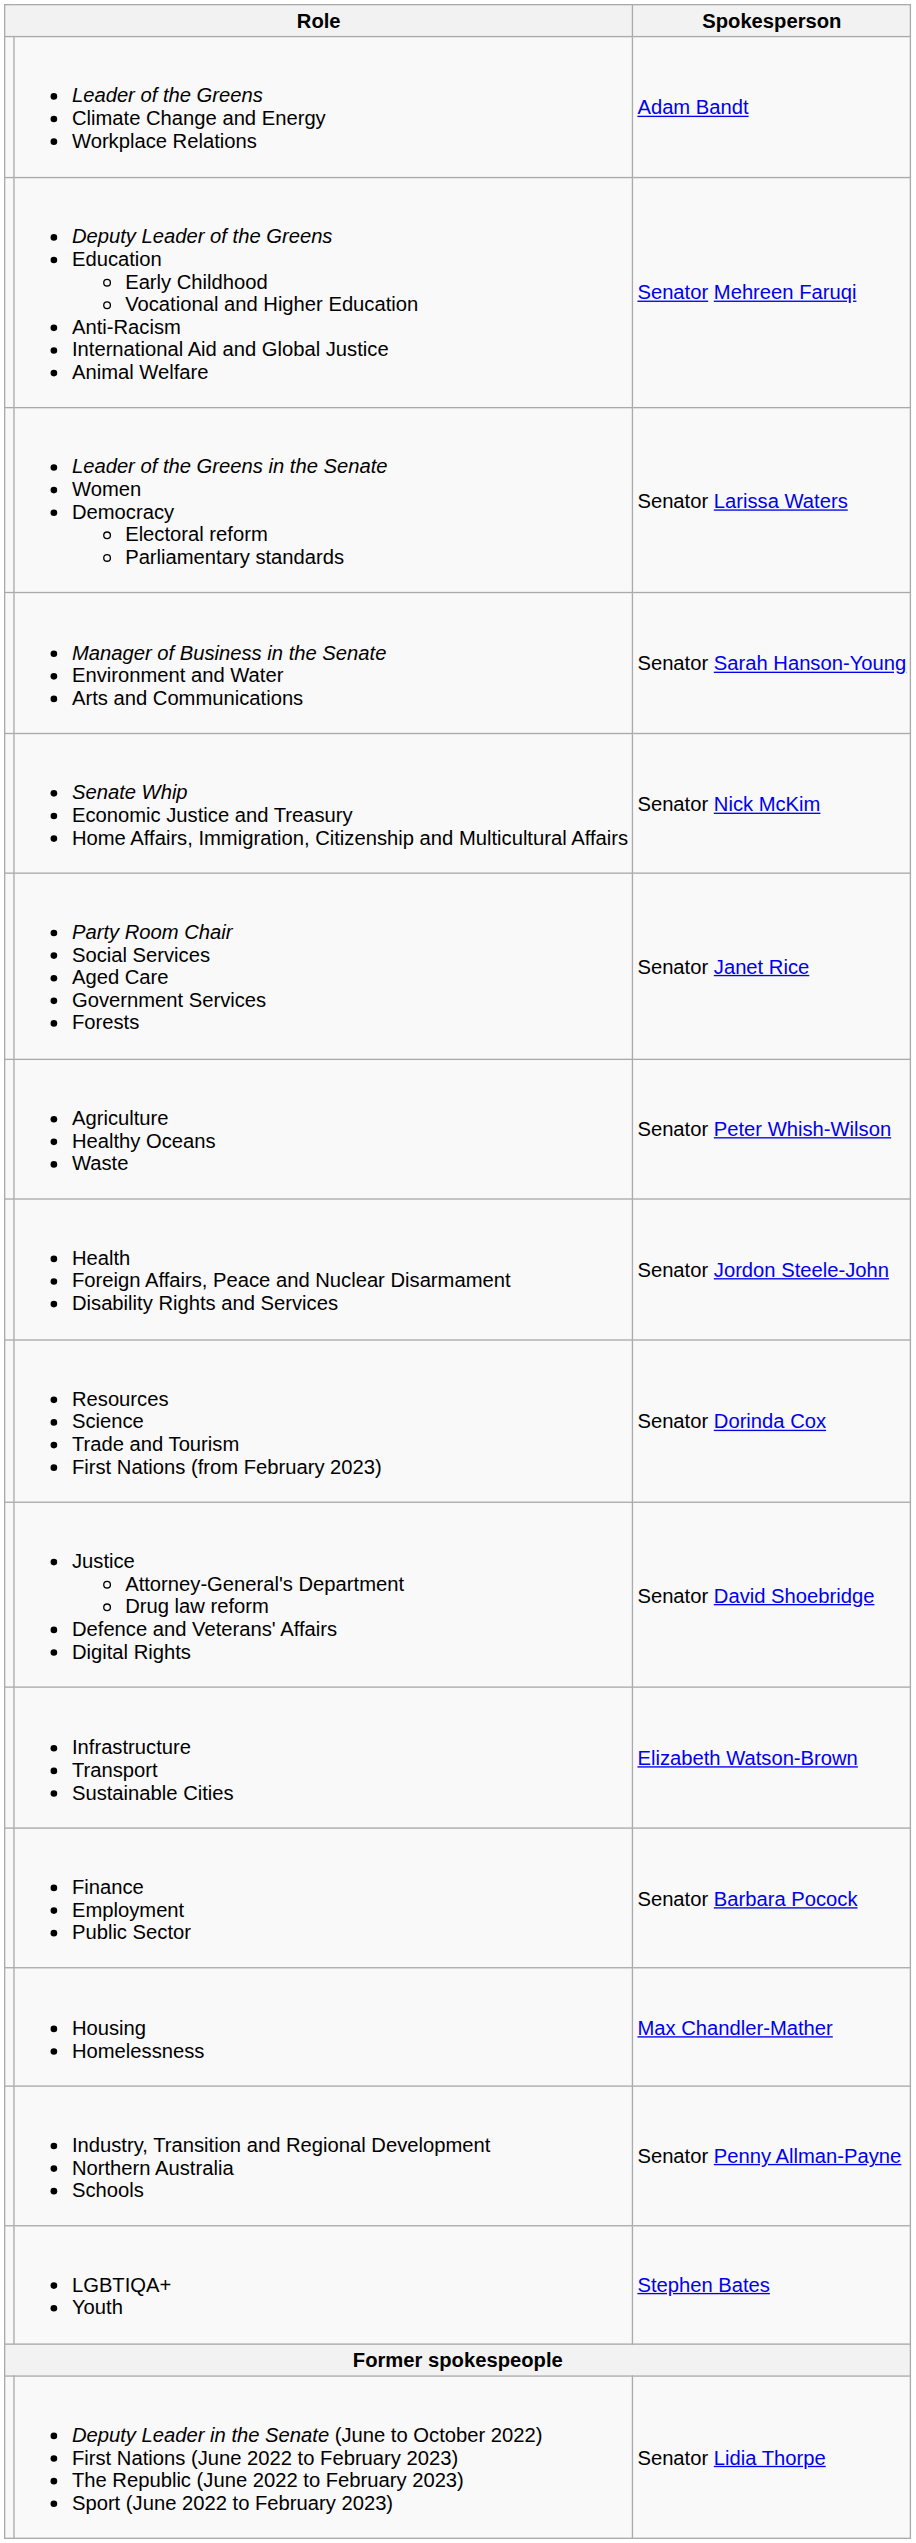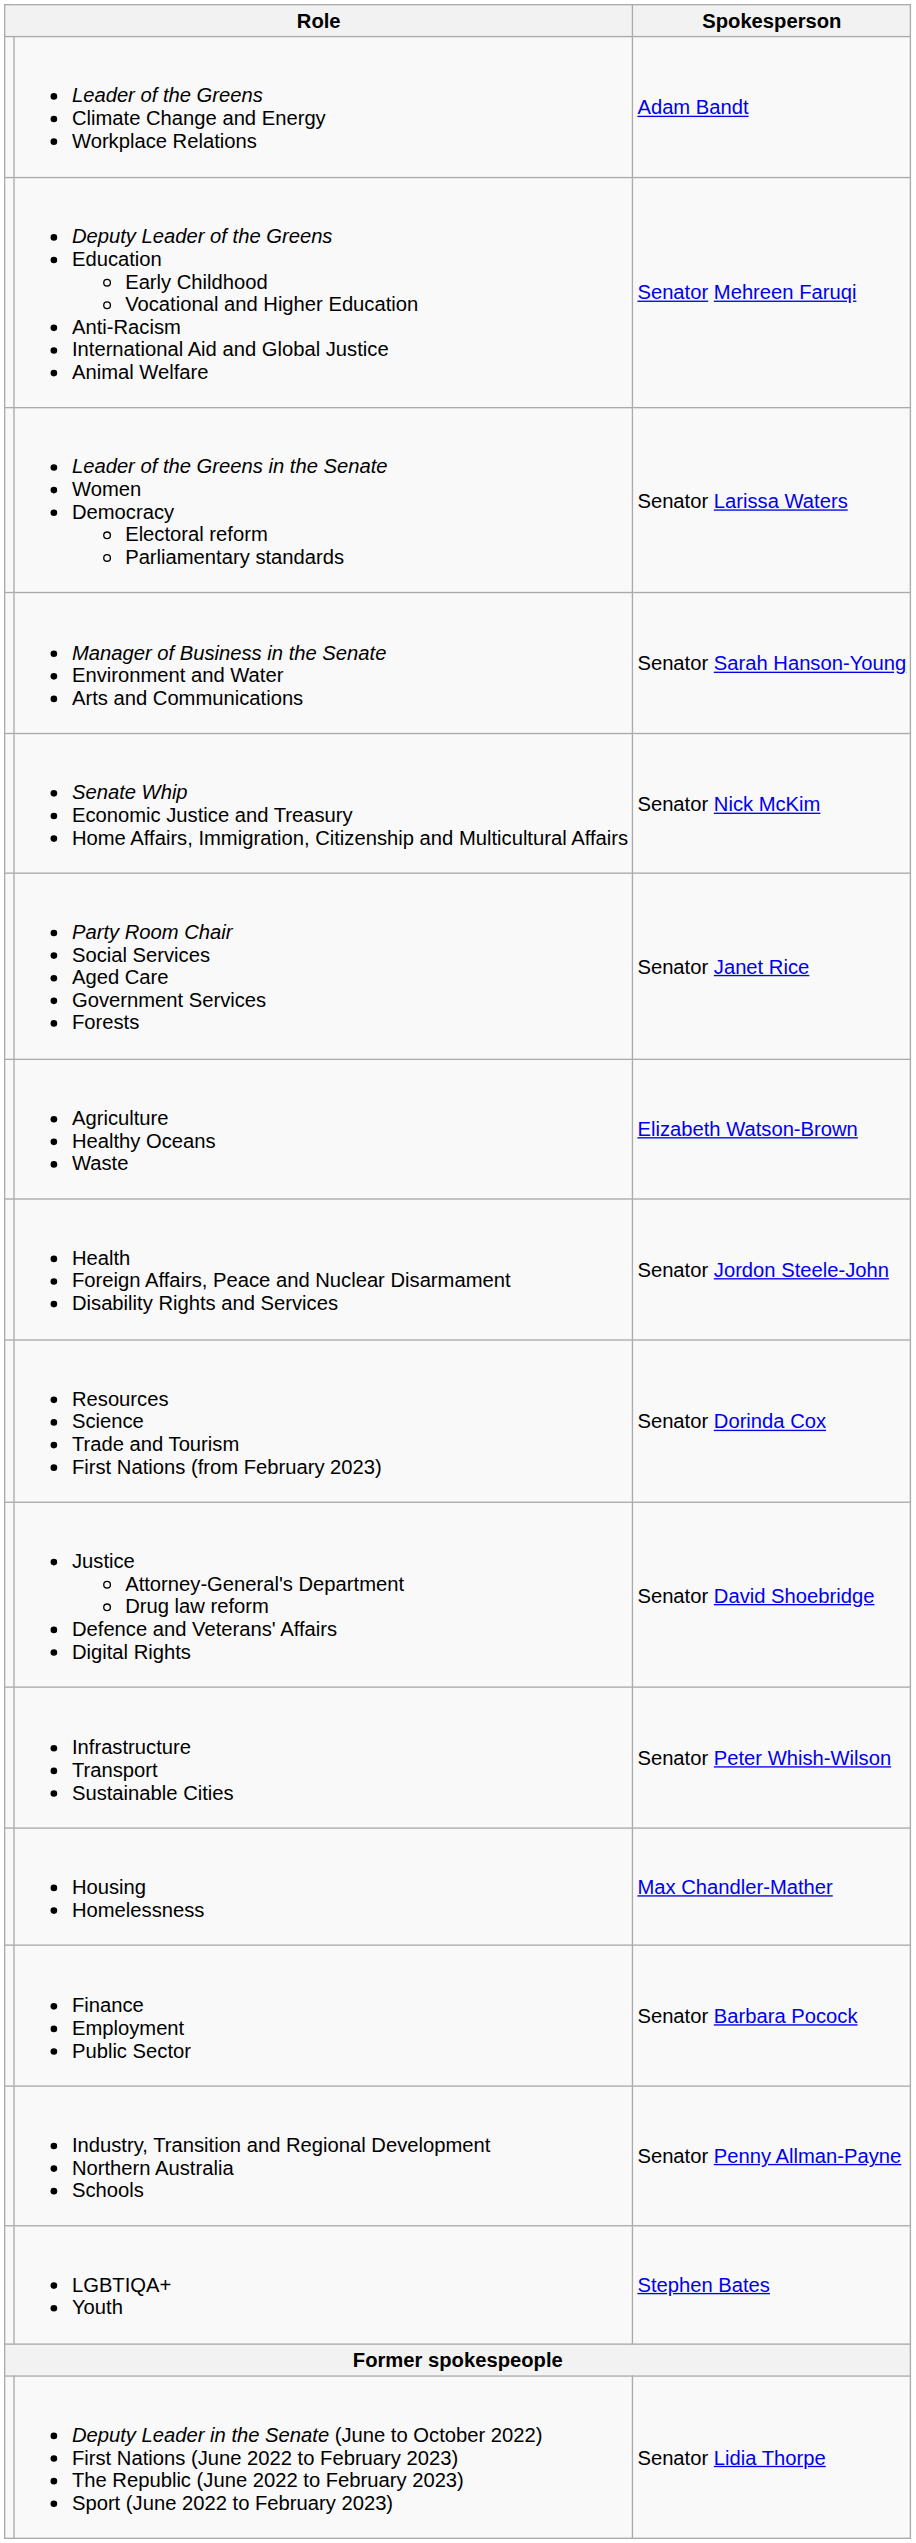 <table class="wikitable" style="text-align:left; font-size:95%">
 <tr>
 <th colspan=2>Role</th>
 <th>Spokesperson</th>
 </tr>
 <tr>
 <td style="background-color: "></td>
 <td><br><ul><li><em>Leader of the Greens</em></li><li>Climate Change and Energy</li><li>Workplace Relations</li></ul></td>
 <td><a href='#'>Adam Bandt</a> </td>
 </tr>
 <tr>
 <td style="background-color: "></td>
 <td><br><ul><li><em>Deputy Leader of the Greens</em></li><li>Education<ul><li>Early Childhood</li><li>Vocational and Higher Education</li></ul></li><li>Anti-Racism</li><li>International Aid and Global Justice</li><li>Animal Welfare</li></ul></td>
 <td><a href='#'>Senator</a> <a href='#'>Mehreen Faruqi</a></td>
 </tr>
 <tr>
 <td style="background-color: "></td>
 <td><br><ul><li><em>Leader of the Greens in the Senate</em></li><li>Women</li><li>Democracy<ul><li>Electoral reform</li><li>Parliamentary standards</li></ul></li></ul></td>
 <td>Senator <a href='#'>Larissa Waters</a></td>
 </tr>
 <tr>
 <td style="background-color: "></td>
 <td><br><ul><li><em>Manager of Business in the Senate</em></li><li>Environment and Water</li><li>Arts and Communications</li></ul></td>
 <td>Senator <a href='#'>Sarah Hanson-Young</a></td>
 </tr>
 <tr>
 <td style="background-color: "></td>
 <td><br><ul><li><em>Senate Whip</em></li><li>Economic Justice and Treasury</li><li>Home Affairs, Immigration, Citizenship and Multicultural Affairs</li></ul></td>
 <td>Senator <a href='#'>Nick McKim</a></td>
 </tr>
 <tr>
 <td style="background-color: "></td>
 <td><br><ul><li><em>Party Room Chair</em></li><li>Social Services</li><li>Aged Care</li><li>Government Services</li><li>Forests</li></ul></td>
 <td>Senator <a href='#'>Janet Rice</a></td>
 </tr>
 <tr>
 <td style="background-color: "></td>
 <td><br><ul><li>Agriculture</li><li>Healthy Oceans</li><li>Waste</li></ul></td>
-<td>Senator <a href='#'>Peter Whish-Wilson</a></td>
+<td><a href='#'>Elizabeth Watson-Brown</a> </td>
 </tr>
 <tr>
 <td style="background-color: "></td>
 <td><br><ul><li>Health</li><li>Foreign Affairs, Peace and Nuclear Disarmament</li><li>Disability Rights and Services</li></ul></td>
 <td>Senator <a href='#'>Jordon Steele-John</a></td>
 </tr>
 <tr>
 <td style="background-color: "></td>
 <td><br><ul><li>Resources</li><li>Science</li><li>Trade and Tourism</li><li>First Nations (from February 2023)</li></ul></td>
 <td>Senator <a href='#'>Dorinda Cox</a></td>
 </tr>
 <tr>
 <td style="background-color: "></td>
 <td><br><ul><li>Justice<ul><li>Attorney-General's Department</li><li>Drug law reform</li></ul></li><li>Defence and Veterans' Affairs</li><li>Digital Rights</li></ul></td>
 <td>Senator <a href='#'>David Shoebridge</a></td>
 </tr>
 <tr>
 <td style="background-color: "></td>
 <td><br><ul><li>Infrastructure</li><li>Transport</li><li>Sustainable Cities</li></ul></td>
-<td><a href='#'>Elizabeth Watson-Brown</a> </td>
+<td>Senator <a href='#'>Peter Whish-Wilson</a></td>
+</tr>
+<tr>
+<td style="background-color: "></td>
+<td><br><ul><li>Housing</li><li>Homelessness</li></ul></td>
+<td><a href='#'>Max Chandler-Mather</a> </td>
 </tr>
 <tr>
 <td style="background-color: "></td>
 <td><br><ul><li>Finance</li><li>Employment</li><li>Public Sector</li></ul></td>
 <td>Senator <a href='#'>Barbara Pocock</a></td>
-</tr>
-<tr>
-<td style="background-color: "></td>
-<td><br><ul><li>Housing</li><li>Homelessness</li></ul></td>
-<td><a href='#'>Max Chandler-Mather</a> </td>
 </tr>
 <tr>
 <td style="background-color: "></td>
 <td><br><ul><li>Industry, Transition and Regional Development</li><li>Northern Australia</li><li>Schools</li></ul></td>
 <td>Senator <a href='#'>Penny Allman-Payne</a></td>
 </tr>
 <tr>
 <td style="background-color: "></td>
 <td><br><ul><li>LGBTIQA+</li><li>Youth</li></ul></td>
 <td><a href='#'>Stephen Bates</a> </td>
 </tr>
 <tr>
 <th colspan="3">Former spokespeople</th>
 </tr>
 <tr>
 <td style="background-color: "></td>
 <td><br><ul><li><em>Deputy Leader in the Senate</em> (June to October 2022)</li><li>First Nations (June 2022 to February 2023)</li><li>The Republic (June 2022 to February 2023)</li><li>Sport (June 2022 to February 2023)</li></ul></td>
 <td>Senator <a href='#'>Lidia Thorpe</a></td>
 </tr>
 </table>
